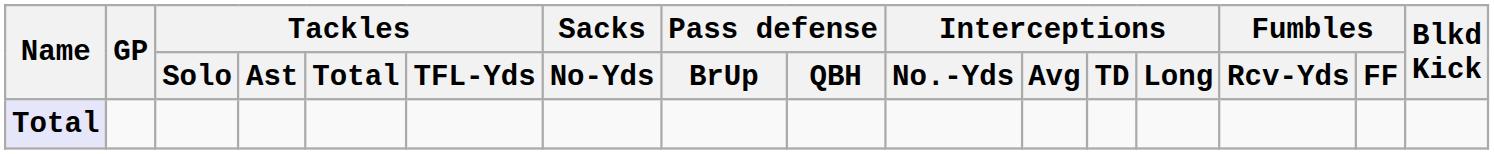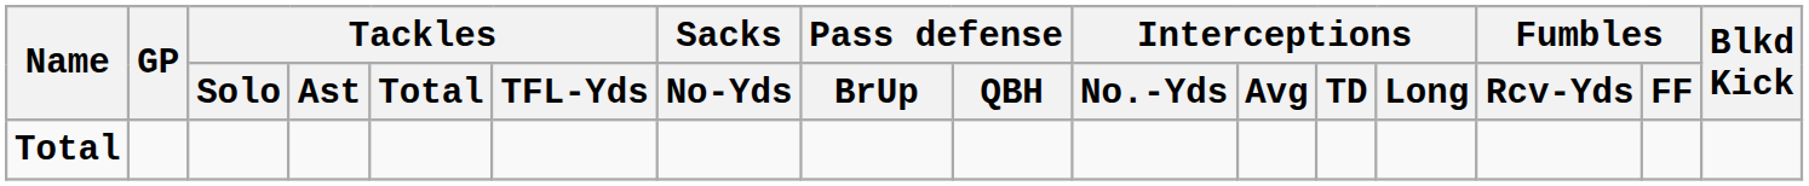 <table class="wikitable" style="white-space:nowrap;">
 <tr>
 <th rowspan="2">Name</th>
 <th rowspan="2">GP</th>
 <th colspan="4">Tackles</th>
 <th>Sacks</th>
 <th colspan="2">Pass defense</th>
 <th colspan="4">Interceptions</th>
 <th colspan="2">Fumbles</th>
 <th rowspan="2">Blkd<br>Kick</th>
 </tr>
 <tr>
 <th>Solo</th>
 <th>Ast</th>
 <th>Total</th>
 <th>TFL-Yds</th>
 <th>No-Yds</th>
 <th>BrUp</th>
 <th>QBH</th>
 <th>No.-Yds</th>
 <th>Avg</th>
 <th>TD</th>
 <th>Long</th>
 <th>Rcv-Yds</th>
 <th>FF</th>
 </tr>
 <tr>
-<td style="background: lavender;"><strong>Total</strong></td>
+<td><strong>Total</strong></td>
 <td></td>
 <td></td>
 <td></td>
 <td></td>
 <td></td>
 <td></td>
 <td></td>
 <td></td>
 <td></td>
 <td></td>
 <td></td>
 <td></td>
 <td></td>
 <td></td>
 <td></td>
 </tr>
 </table>
